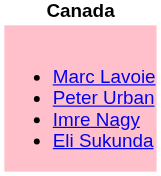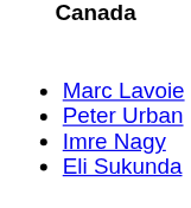 <table>
 <tr>
 <th>Canada</th>
 </tr>
 <tr>
-<td style="background: pink;"><br><ul><li><a href='#'>Marc Lavoie</a></li><li><a href='#'>Peter Urban</a></li><li><a href='#'>Imre Nagy</a></li><li><a href='#'>Eli Sukunda</a></li></ul></td>
+<td><br><ul><li><a href='#'>Marc Lavoie</a></li><li><a href='#'>Peter Urban</a></li><li><a href='#'>Imre Nagy</a></li><li><a href='#'>Eli Sukunda</a></li></ul></td>
 </tr>
 </table>
